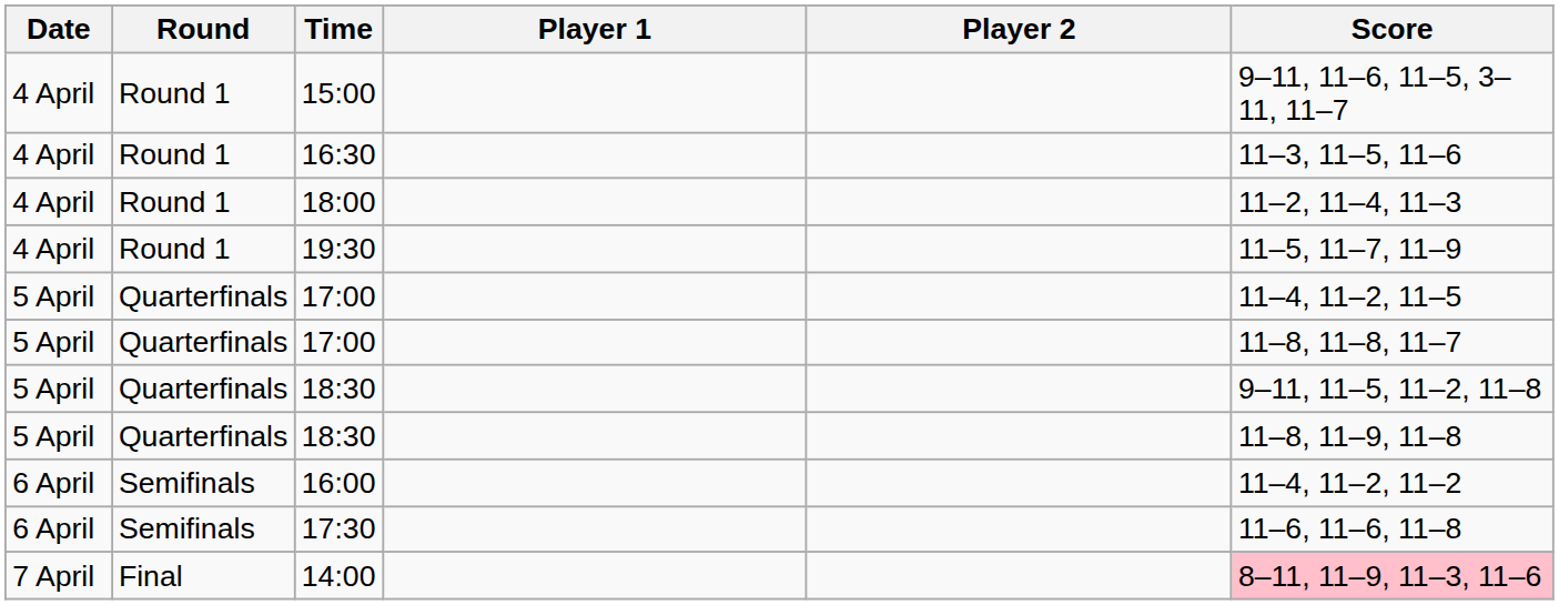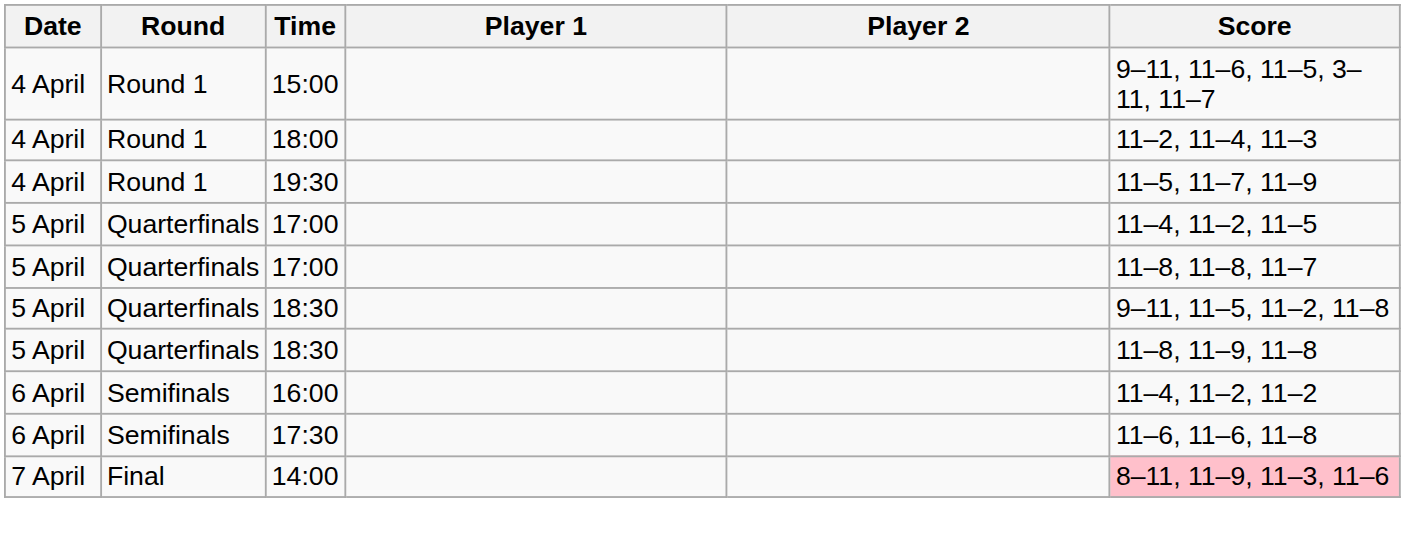 <table class="sortable wikitable" style="font-size:90%">
 <tr>
 <th width="45" class="unsortable">Date</th>
 <th width="55">Round</th>
 <th width="30">Time</th>
 <th width="200">Player 1</th>
 <th width="200">Player 2</th>
 <th width="150" class="unsortable">Score</th>
 </tr>
 <tr>
 <td>4 April</td>
 <td>Round 1</td>
 <td>15:00</td>
 <td></td>
 <td><strong></strong></td>
 <td>9–11, 11–6, 11–5, 3–11, 11–7</td>
-</tr>
-<tr>
-<td>4 April</td>
-<td>Round 1</td>
-<td>16:30</td>
-<td><strong></strong></td>
-<td></td>
-<td>11–3, 11–5, 11–6</td>
 </tr>
 <tr>
 <td>4 April</td>
 <td>Round 1</td>
 <td>18:00</td>
 <td></td>
 <td><strong></strong></td>
 <td>11–2, 11–4, 11–3</td>
 </tr>
 <tr>
 <td>4 April</td>
 <td>Round 1</td>
 <td>19:30</td>
 <td><strong></strong></td>
 <td></td>
 <td>11–5, 11–7, 11–9</td>
 </tr>
 <tr>
 <td>5 April</td>
 <td>Quarterfinals</td>
 <td>17:00</td>
 <td><strong></strong></td>
 <td></td>
 <td>11–4, 11–2, 11–5</td>
 </tr>
 <tr>
 <td>5 April</td>
 <td>Quarterfinals</td>
 <td>17:00</td>
 <td><strong></strong></td>
 <td></td>
 <td>11–8, 11–8, 11–7</td>
 </tr>
 <tr>
 <td>5 April</td>
 <td>Quarterfinals</td>
 <td>18:30</td>
 <td><strong></strong></td>
 <td></td>
 <td>9–11, 11–5, 11–2, 11–8</td>
 </tr>
 <tr>
 <td>5 April</td>
 <td>Quarterfinals</td>
 <td>18:30</td>
 <td></td>
 <td><strong></strong></td>
 <td>11–8, 11–9, 11–8</td>
 </tr>
 <tr>
 <td>6 April</td>
 <td>Semifinals</td>
 <td>16:00</td>
 <td><strong></strong></td>
 <td></td>
 <td>11–4, 11–2, 11–2</td>
 </tr>
 <tr>
 <td>6 April</td>
 <td>Semifinals</td>
 <td>17:30</td>
 <td></td>
 <td><strong></strong></td>
 <td>11–6, 11–6, 11–8</td>
 </tr>
 <tr>
 <td>7 April</td>
 <td>Final</td>
 <td>14:00</td>
 <td><strong></strong></td>
 <td></td>
 <td style="background: pink;">8–11, 11–9, 11–3, 11–6</td>
 </tr>
 </table>
